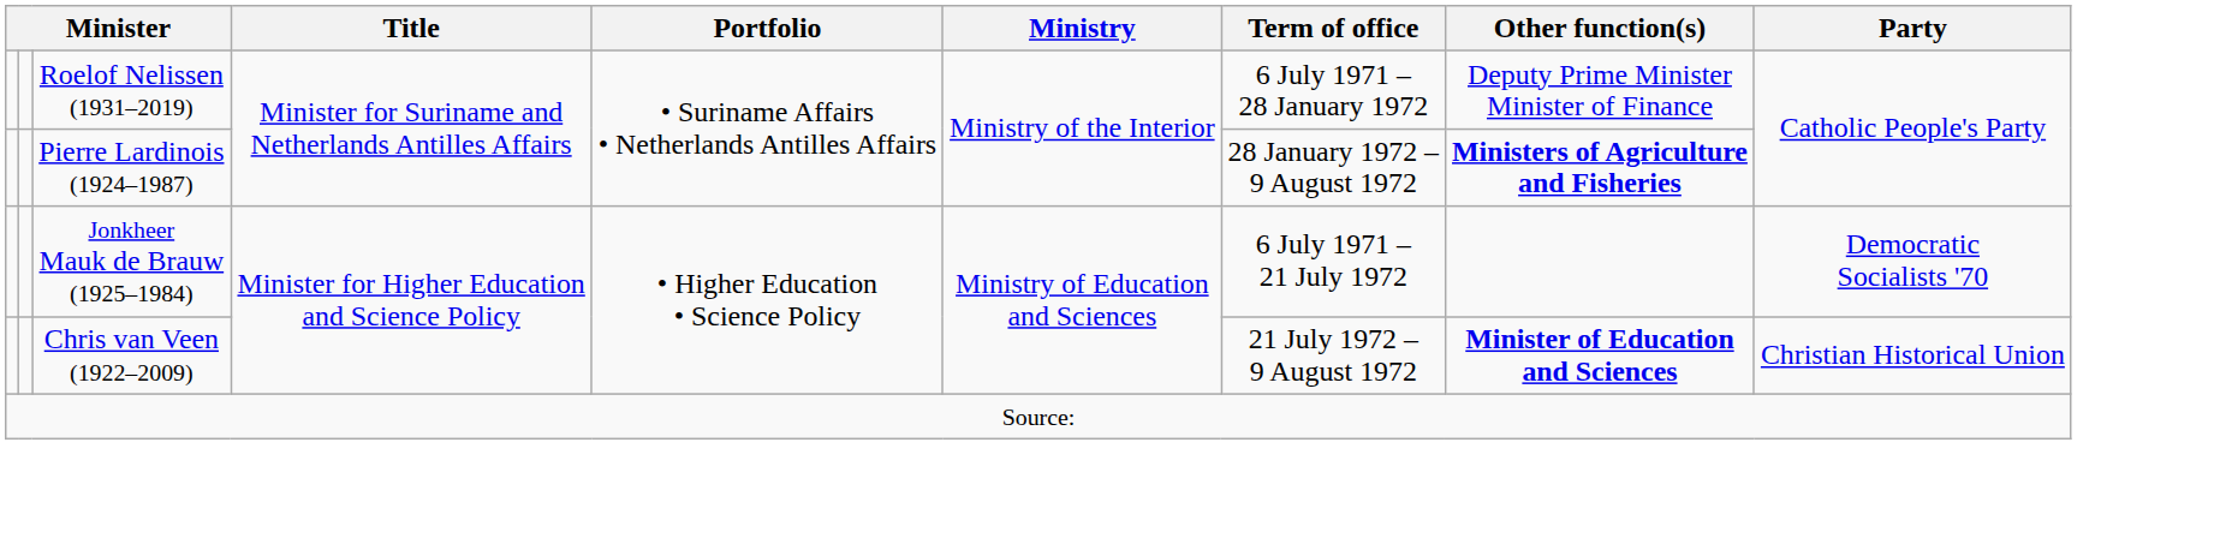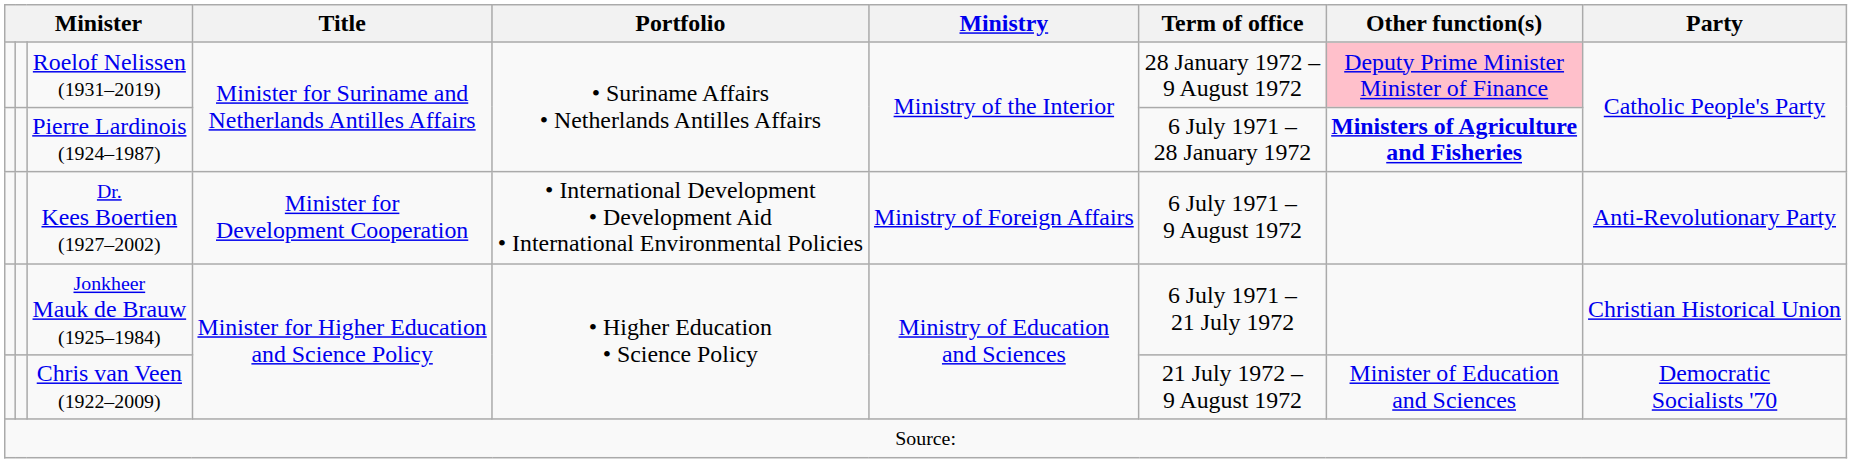 <table class="wikitable" style="text-align:center">
 <tr>
 <th colspan=3>Minister</th>
 <th>Title</th>
 <th>Portfolio</th>
 <th><a href='#'>Ministry</a></th>
 <th>Term of office</th>
 <th>Other function(s)</th>
 <th>Party</th>
 </tr>
 <tr>
 <td style="background:"></td>
 <td></td>
 <td><a href='#'>Roelof Nelissen</a> <br> <small>(1931–2019)</small></td>
 <td rowspan=2><a href='#'>Minister for Suriname and <br> Netherlands Antilles Affairs</a></td>
 <td rowspan=2>• Suriname Affairs <br> • Netherlands Antilles Affairs</td>
 <td rowspan=2><a href='#'>Ministry of the Interior</a></td>
-<td>6 July 1971 – <br> 28 January 1972</td>
-<td><a href='#'>Deputy Prime Minister</a> <br> <a href='#'>Minister of Finance</a></td>
+<td>28 January 1972 – <br> 9 August 1972</td>
+<td style="background: pink;"><a href='#'>Deputy Prime Minister</a> <br> <a href='#'>Minister of Finance</a></td>
 <td rowspan=2><a href='#'>Catholic People's Party</a></td>
 </tr>
 <tr>
 <td style="background:"></td>
 <td></td>
 <td><a href='#'>Pierre Lardinois</a> <br> <small>(1924–1987)</small></td>
-<td>28 January 1972 – <br> 9 August 1972</td>
+<td>6 July 1971 – <br> 28 January 1972</td>
 <td><strong><a href='#'>Ministers of Agriculture <br> and Fisheries</a></strong></td>
+</tr>
+<tr>
+<td style="background:"></td>
+<td></td>
+<td><small><a href='#'>Dr.</a></small> <br> <a href='#'>Kees Boertien</a> <br> <small>(1927–2002)</small></td>
+<td><a href='#'>Minister for <br> Development Cooperation</a></td>
+<td>• International Development <br> • Development Aid <br> • International Environmental Policies</td>
+<td><a href='#'>Ministry of Foreign Affairs</a></td>
+<td>6 July 1971 – <br> 9 August 1972</td>
+<td></td>
+<td><a href='#'>Anti-Revolutionary Party</a></td>
 </tr>
 <tr>
 <td style="background:"></td>
 <td></td>
 <td><small><a href='#'>Jonkheer</a></small> <br> <a href='#'>Mauk de Brauw</a> <br> <small>(1925–1984)</small></td>
 <td rowspan=2><a href='#'>Minister for Higher Education <br> and Science Policy</a></td>
 <td rowspan=2>• Higher Education <br> • Science Policy</td>
 <td rowspan=2><a href='#'>Ministry of Education <br> and Sciences</a></td>
 <td>6 July 1971 – <br> 21 July 1972 <br> </td>
 <td></td>
-<td><a href='#'>Democratic <br> Socialists '70</a></td>
+<td><a href='#'>Christian Historical Union</a></td>
 </tr>
 <tr>
 <td style="background:"></td>
 <td></td>
 <td><a href='#'>Chris van Veen</a> <br> <small>(1922–2009)</small></td>
 <td>21 July 1972 – <br> 9 August 1972</td>
-<td><strong><a href='#'>Minister of Education <br> and Sciences</a></strong></td>
-<td><a href='#'>Christian Historical Union</a></td>
+<td><a href='#'>Minister of Education <br> and Sciences</a></td>
+<td><a href='#'>Democratic <br> Socialists '70</a></td>
 </tr>
 <tr>
 <td colspan=9><small>Source:</small></td>
 </tr>
 </table>
